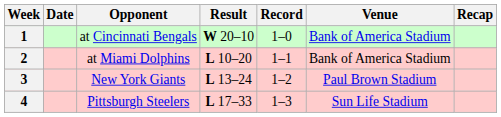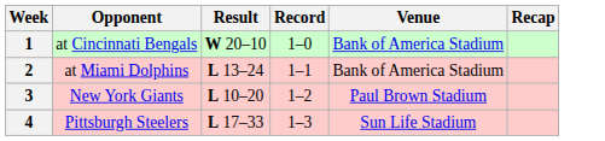 <table class="wikitable" style="text-align:center">
 <tr>
 <th>Week</th>
-<th>Date</th>
 <th>Opponent</th>
 <th>Result</th>
 <th>Record</th>
 <th>Venue</th>
 <th>Recap</th>
 </tr>
 <tr style="background:#cfc">
 <th>1</th>
-<td></td>
 <td>at <a href='#'>Cincinnati Bengals</a></td>
 <td><strong>W</strong> 20–10</td>
 <td>1–0</td>
 <td><a href='#'>Bank of America Stadium</a></td>
 <td></td>
 </tr>
 <tr style="background:#fcc">
 <th>2</th>
-<td></td>
 <td>at <a href='#'>Miami Dolphins</a></td>
-<td><strong>L</strong> 10–20</td>
+<td><strong>L</strong> 13–24</td>
 <td>1–1</td>
 <td>Bank of America Stadium</td>
 <td></td>
 </tr>
 <tr style="background:#fcc">
 <th>3</th>
-<td></td>
 <td><a href='#'>New York Giants</a></td>
-<td><strong>L</strong> 13–24</td>
+<td><strong>L</strong> 10–20</td>
 <td>1–2</td>
 <td><a href='#'>Paul Brown Stadium</a></td>
 <td></td>
 </tr>
 <tr style="background:#fcc">
 <th>4</th>
-<td></td>
 <td><a href='#'>Pittsburgh Steelers</a></td>
 <td><strong>L</strong> 17–33</td>
 <td>1–3</td>
 <td><a href='#'>Sun Life Stadium</a></td>
 <td></td>
 </tr>
 </table>
